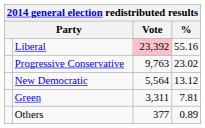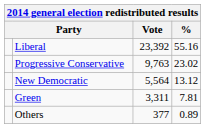 <table class="wikitable">
 <tr>
 <th colspan="4"><a href='#'>2014 general election</a> redistributed results</th>
 </tr>
 <tr>
 <th bgcolor="#DDDDFF" width="130px" colspan="2">Party</th>
 <th bgcolor="#DDDDFF" width="50px">Vote</th>
 <th bgcolor="#DDDDFF" width="30px">%</th>
 </tr>
 <tr>
 <td> </td>
 <td><a href='#'>Liberal</a></td>
-<td align=right style="background: pink;">23,392</td>
+<td align=right>23,392</td>
 <td align=right>55.16</td>
 </tr>
 <tr>
 <td> </td>
 <td><a href='#'>Progressive Conservative</a></td>
 <td align=right>9,763</td>
 <td align=right>23.02</td>
 </tr>
 <tr>
 <td> </td>
 <td><a href='#'>New Democratic</a></td>
 <td align=right>5,564</td>
 <td align=right>13.12</td>
 </tr>
 <tr>
 <td> </td>
 <td><a href='#'>Green</a></td>
 <td align=right>3,311</td>
 <td align=right>7.81</td>
 </tr>
 <tr>
 <td> </td>
 <td>Others</td>
 <td align=right>377</td>
 <td align=right>0.89</td>
 </tr>
 </table>
